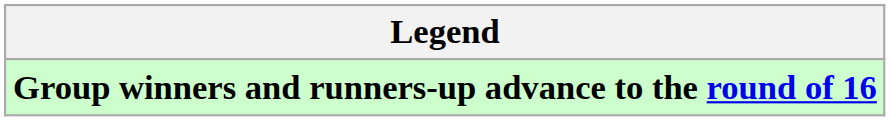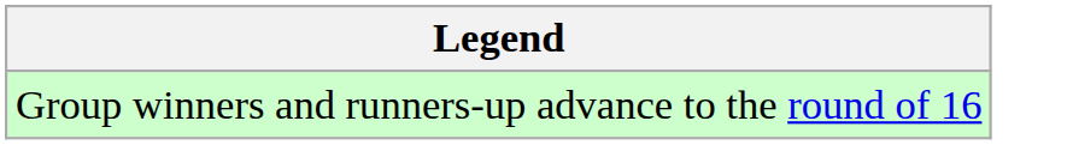 <table class="wikitable">
 <tr>
 <th>Legend</th>
 </tr>
 <tr style="background:#cfc;">
-<td><strong>Group winners and runners-up advance to the <a href='#'>round of 16</a></strong></td>
+<td>Group winners and runners-up advance to the <a href='#'>round of 16</a></td>
 </tr>
 </table>
